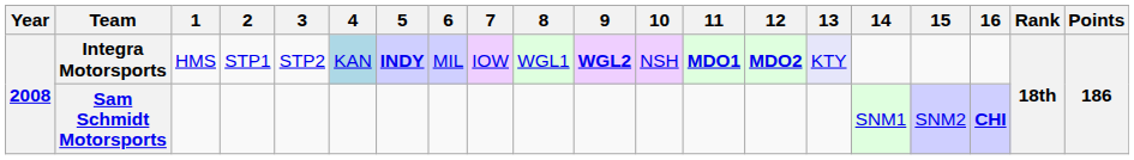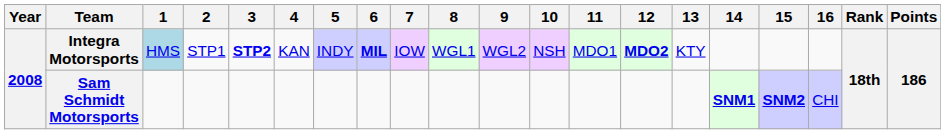 <table class="wikitable" style="text-align:center; font-size:95%">
 <tr>
 <th>Year</th>
 <th>Team</th>
 <th>1</th>
 <th>2</th>
 <th>3</th>
 <th>4</th>
 <th>5</th>
 <th>6</th>
 <th>7</th>
 <th>8</th>
 <th>9</th>
 <th>10</th>
 <th>11</th>
 <th>12</th>
 <th>13</th>
 <th>14</th>
 <th>15</th>
 <th>16</th>
 <th>Rank</th>
 <th>Points</th>
 </tr>
 <tr>
 <th rowspan=2><a href='#'>2008</a></th>
 <th>Integra Motorsports</th>
-<td><a href='#'>HMS</a></td>
+<td style="background: lightblue;"><a href='#'>HMS</a></td>
 <td><a href='#'>STP1</a></td>
-<td><a href='#'>STP2</a></td>
-<td style="background: lightblue;"><a href='#'>KAN</a></td>
-<td style="background:#CFCFFF;"><strong><a href='#'>INDY</a><br></strong></td>
-<td style="background:#CFCFFF;"><a href='#'>MIL</a><br></td>
+<td><strong><a href='#'>STP2</a></strong></td>
+<td><a href='#'>KAN</a></td>
+<td style="background:#CFCFFF;"><a href='#'>INDY</a><br></td>
+<td style="background:#CFCFFF;"><strong><a href='#'>MIL</a><br></strong></td>
 <td style="background:#EFCFFF;"><a href='#'>IOW</a><br></td>
 <td style="background:#DFFFDF;"><a href='#'>WGL1</a><br></td>
-<td style="background:#EFCFFF;"><strong><a href='#'>WGL2</a><br></strong></td>
+<td style="background:#EFCFFF;"><a href='#'>WGL2</a><br></td>
 <td style="background:#EFCFFF;"><a href='#'>NSH</a><br></td>
-<td style="background:#DFFFDF;"><strong><a href='#'>MDO1</a><br></strong></td>
+<td style="background:#DFFFDF;"><a href='#'>MDO1</a><br></td>
 <td style="background:#DFFFDF;"><strong><a href='#'>MDO2</a></strong><br></td>
-<td style="background: lavender;"><a href='#'>KTY</a></td>
+<td><a href='#'>KTY</a></td>
 <td></td>
 <td></td>
 <td></td>
 <th rowspan=2><strong>18th</strong></th>
 <th rowspan=2><strong>186</strong></th>
 </tr>
 <tr>
 <th><a href='#'>Sam Schmidt Motorsports</a></th>
 <td></td>
 <td></td>
 <td></td>
 <td></td>
 <td></td>
 <td></td>
 <td></td>
 <td></td>
 <td></td>
 <td></td>
 <td></td>
 <td></td>
 <td></td>
-<td style="background:#DFFFDF;"><a href='#'>SNM1</a><br></td>
-<td style="background:#CFCFFF;"><a href='#'>SNM2</a><br></td>
-<td style="background:#CFCFFF;"><strong><a href='#'>CHI</a><br></strong></td>
+<td style="background:#DFFFDF;"><strong><a href='#'>SNM1</a><br></strong></td>
+<td style="background:#CFCFFF;"><strong><a href='#'>SNM2</a><br></strong></td>
+<td style="background:#CFCFFF;"><a href='#'>CHI</a><br></td>
 </tr>
 </table>
